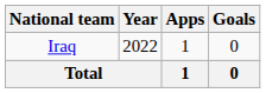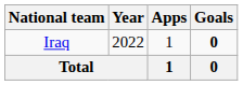 <table class=wikitable style=text-align:center>
 <tr>
 <th>National team</th>
 <th>Year</th>
 <th>Apps</th>
 <th>Goals</th>
 </tr>
 <tr>
 <td rowspan="1"><a href='#'>Iraq</a></td>
 <td>2022</td>
 <td>1</td>
-<td>0</td>
+<td><strong>0</strong></td>
 </tr>
 <tr>
 <th colspan=2>Total</th>
 <th>1</th>
 <th>0</th>
 </tr>
 </table>
